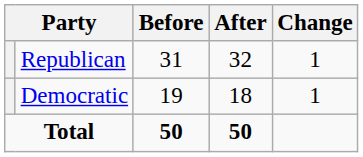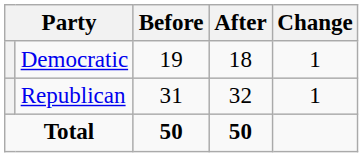 <table class="wikitable" style="text-align:center;">
 <tr>
 <th colspan="2">Party</th>
 <th>Before</th>
 <th>After</th>
 <th>Change</th>
 </tr>
 <tr>
 <th style="background-color:"></th>
-<td style="text-align:left;"><a href='#'>Republican</a></td>
-<td>31</td>
-<td>32</td>
+<td style="text-align:left;"><a href='#'>Democratic</a></td>
+<td>19</td>
+<td>18</td>
 <td> 1</td>
 </tr>
 <tr>
 <th style="background-color:"></th>
-<td style="text-align:left;"><a href='#'>Democratic</a></td>
-<td>19</td>
-<td>18</td>
+<td style="text-align:left;"><a href='#'>Republican</a></td>
+<td>31</td>
+<td>32</td>
 <td> 1</td>
 </tr>
 <tr>
 <td colspan="2"><strong>Total</strong></td>
 <td><strong>50</strong></td>
 <td><strong>50</strong></td>
 <td></td>
 </tr>
 </table>
